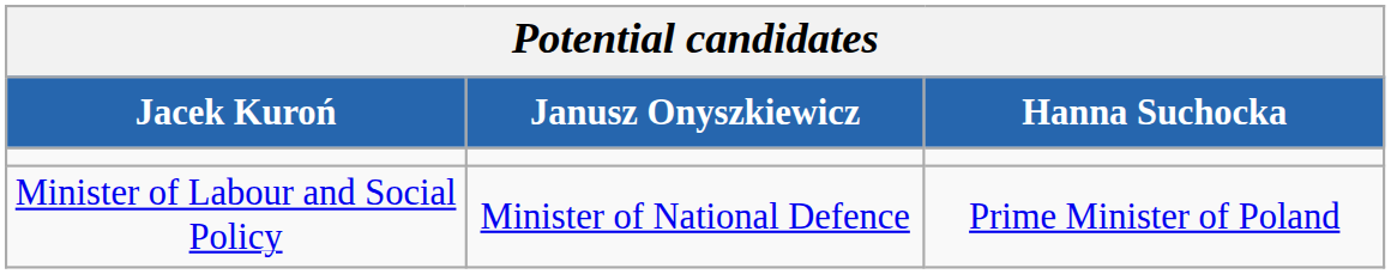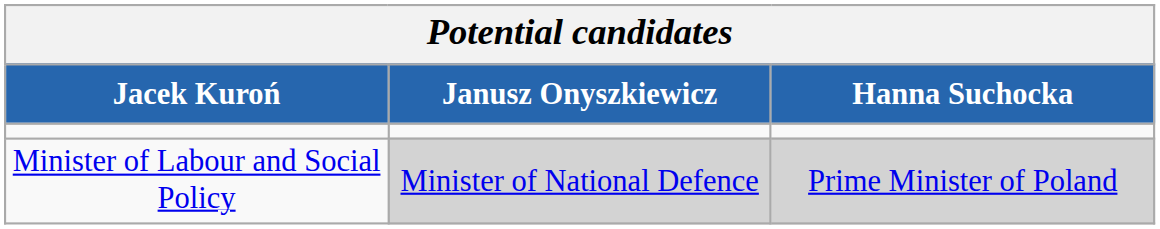 <table class="wikitable" style="font-size:90%;">
 <tr>
 <th colspan="11" style="text-align:center; width:150px; font-size:120%; color:black;"><em>Potential candidates</em></th>
 </tr>
 <tr style="text-align:center">
 <th scope="col" style="width:10em; font-size:120%; background:#2666AE; color:white;"><small>Jacek Kuroń</small></th>
 <th scope="col" style="width:10em; font-size:120%; background:#2666AE; color:white;"><small>Janusz Onyszkiewicz</small></th>
 <th scope="col" style="width:10em; font-size:120%; background:#2666AE; color:white;"><small>Hanna Suchocka</small></th>
 </tr>
 <tr style="text-align:center">
 <td style="text-align:center"></td>
 <td style="text-align:center"></td>
 <td style="text-align:center"></td>
 </tr>
 <tr style="text-align:center">
 <td><a href='#'>Minister of Labour and Social Policy</a><br></td>
-<td><a href='#'>Minister of National Defence</a><br></td>
-<td><a href='#'>Prime Minister of Poland</a><br></td>
+<td style="background: lightgrey;"><a href='#'>Minister of National Defence</a><br></td>
+<td style="background: lightgrey;"><a href='#'>Prime Minister of Poland</a><br></td>
 </tr>
 </table>
